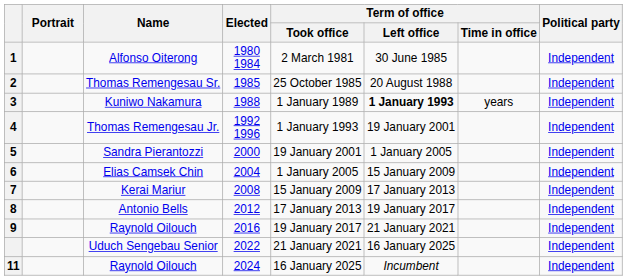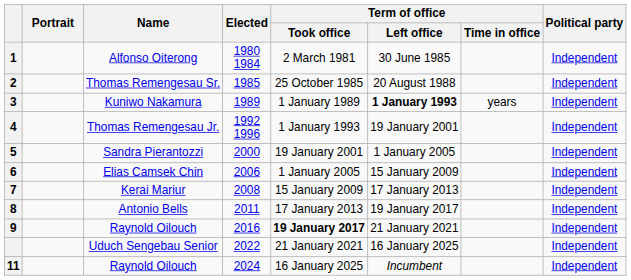 <table class="wikitable" style="text-align:center">
 <tr>
 <th rowspan="2"></th>
 <th rowspan="2" style="width:75px;">Portrait</th>
 <th rowspan="2">Name<br></th>
 <th rowspan="2"><strong>Elected</strong></th>
 <th colspan="3">Term of office</th>
 <th rowspan="2">Political party</th>
 </tr>
 <tr>
 <th>Took office</th>
 <th>Left office</th>
 <th>Time in office</th>
 </tr>
 <tr>
 <th style="background:">1</th>
 <td></td>
 <td><a href='#'>Alfonso Oiterong</a><br></td>
 <td><a href='#'>1980</a><br><a href='#'>1984</a></td>
 <td>2 March 1981</td>
 <td>30 June 1985<br></td>
 <td></td>
 <td><a href='#'>Independent</a></td>
 </tr>
 <tr>
 <th style="background:">2</th>
 <td></td>
 <td><a href='#'>Thomas Remengesau Sr.</a><br></td>
 <td><a href='#'>1985</a></td>
 <td>25 October 1985</td>
 <td>20 August 1988</td>
 <td></td>
 <td><a href='#'>Independent</a></td>
 </tr>
 <tr>
 <th style="background:">3</th>
 <td></td>
 <td><a href='#'>Kuniwo Nakamura</a><br></td>
-<td><a href='#'>1988</a></td>
+<td><a href='#'>1989</a></td>
 <td>1 January 1989</td>
 <td><strong>1 January 1993</strong></td>
 <td> years</td>
 <td><a href='#'>Independent</a></td>
 </tr>
 <tr>
 <th style="background:">4</th>
 <td></td>
 <td><a href='#'>Thomas Remengesau Jr.</a><br></td>
 <td><a href='#'>1992</a><br><a href='#'>1996</a></td>
 <td>1 January 1993</td>
 <td>19 January 2001</td>
 <td></td>
 <td><a href='#'>Independent</a></td>
 </tr>
 <tr>
 <th style="background:">5</th>
 <td></td>
 <td><a href='#'>Sandra Pierantozzi</a><br></td>
 <td><a href='#'>2000</a></td>
 <td>19 January 2001</td>
 <td>1 January 2005</td>
 <td></td>
 <td><a href='#'>Independent</a></td>
 </tr>
 <tr>
 <th style="background:">6</th>
 <td></td>
 <td><a href='#'>Elias Camsek Chin</a><br></td>
-<td><a href='#'>2004</a></td>
+<td><a href='#'>2006</a></td>
 <td>1 January 2005</td>
 <td>15 January 2009</td>
 <td></td>
 <td><a href='#'>Independent</a></td>
 </tr>
 <tr>
 <th style="background:">7</th>
 <td></td>
 <td><a href='#'>Kerai Mariur</a><br></td>
 <td><a href='#'>2008</a></td>
 <td>15 January 2009</td>
 <td>17 January 2013</td>
 <td></td>
 <td><a href='#'>Independent</a></td>
 </tr>
 <tr>
 <th style="background:">8</th>
 <td></td>
 <td><a href='#'>Antonio Bells</a><br></td>
-<td><a href='#'>2012</a></td>
+<td><a href='#'>2011</a></td>
 <td>17 January 2013</td>
 <td>19 January 2017</td>
 <td></td>
 <td><a href='#'>Independent</a></td>
 </tr>
 <tr>
 <th style="background:">9</th>
 <td></td>
 <td><a href='#'>Raynold Oilouch</a><br></td>
 <td><a href='#'>2016</a></td>
-<td>19 January 2017</td>
+<td><strong>19 January 2017</strong></td>
 <td>21 January 2021</td>
 <td></td>
 <td><a href='#'>Independent</a></td>
 </tr>
 <tr>
 <th style="background:"></th>
 <td></td>
 <td><a href='#'>Uduch Sengebau Senior</a><br></td>
 <td><a href='#'>2022</a></td>
 <td>21 January 2021</td>
 <td>16 January 2025</td>
 <td></td>
 <td><a href='#'>Independent</a></td>
 </tr>
 <tr>
 <th style="background:">11</th>
 <td></td>
 <td><a href='#'>Raynold Oilouch</a><br></td>
 <td><a href='#'>2024</a></td>
 <td>16 January 2025</td>
 <td><em>Incumbent</em></td>
 <td></td>
 <td><a href='#'>Independent</a></td>
 </tr>
 </table>
